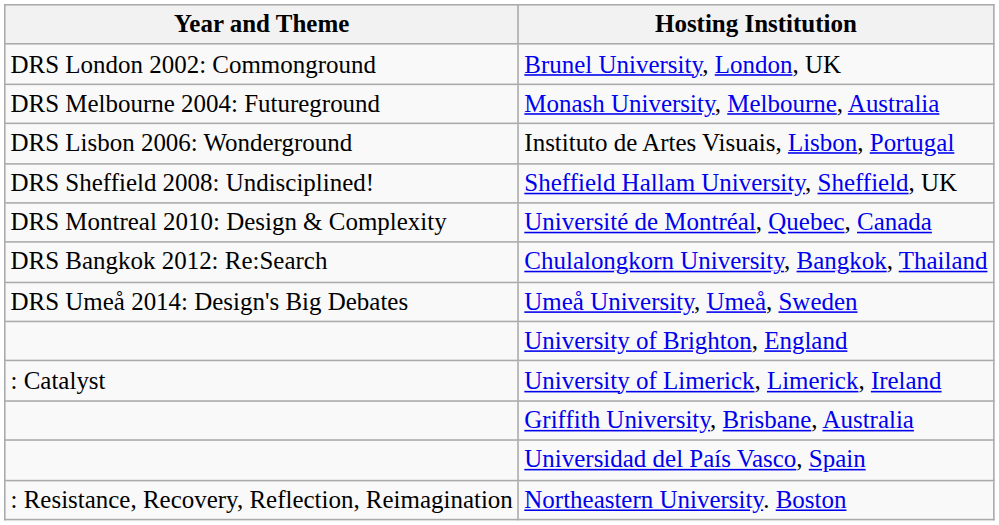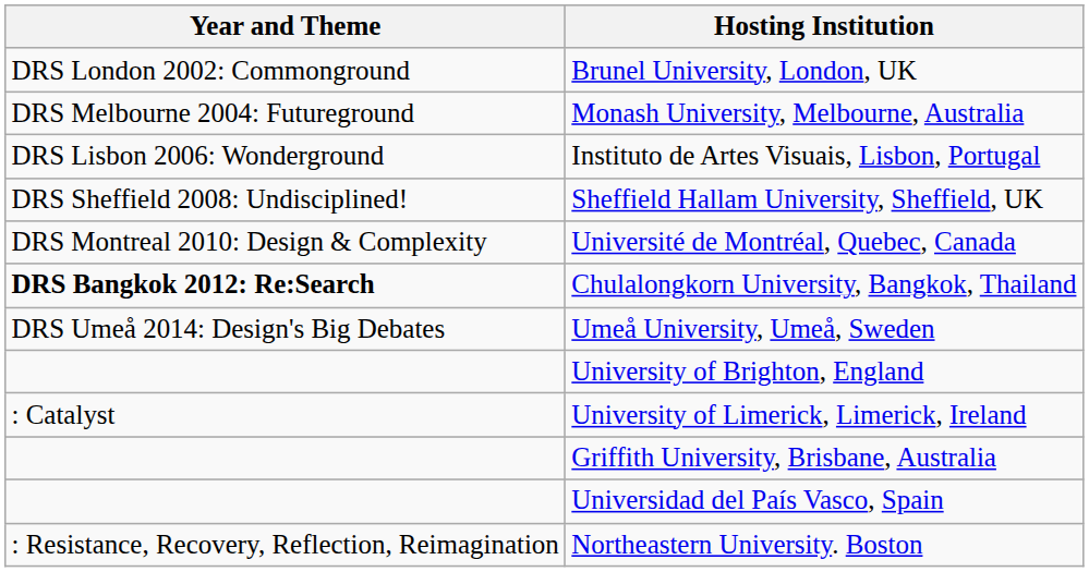 <table class="wikitable">
 <tr>
 <th>Year and Theme</th>
 <th>Hosting Institution</th>
 </tr>
 <tr>
 <td>DRS London 2002: Commonground</td>
 <td><a href='#'>Brunel University</a>, <a href='#'>London</a>, UK</td>
 </tr>
 <tr>
 <td>DRS Melbourne 2004: Futureground</td>
 <td><a href='#'>Monash University</a>, <a href='#'>Melbourne</a>, <a href='#'>Australia</a></td>
 </tr>
 <tr>
 <td>DRS Lisbon 2006: Wonderground</td>
 <td>Instituto de Artes Visuais, <a href='#'>Lisbon</a>, <a href='#'>Portugal</a></td>
 </tr>
 <tr>
 <td>DRS Sheffield 2008: Undisciplined!</td>
 <td><a href='#'>Sheffield Hallam University</a>, <a href='#'>Sheffield</a>, UK</td>
 </tr>
 <tr>
 <td>DRS Montreal 2010: Design & Complexity</td>
 <td><a href='#'>Université de Montréal</a>, <a href='#'>Quebec</a>, <a href='#'>Canada</a></td>
 </tr>
 <tr>
-<td>DRS Bangkok 2012: Re:Search</td>
+<td><strong>DRS Bangkok 2012: Re:Search</strong></td>
 <td><a href='#'>Chulalongkorn University</a>, <a href='#'>Bangkok</a>, <a href='#'>Thailand</a></td>
 </tr>
 <tr>
 <td>DRS Umeå 2014: Design's Big Debates</td>
 <td><a href='#'>Umeå University</a>, <a href='#'>Umeå</a>, <a href='#'>Sweden</a></td>
 </tr>
 <tr>
 <td></td>
 <td><a href='#'>University of Brighton</a>, <a href='#'>England</a></td>
 </tr>
 <tr>
 <td>: Catalyst</td>
 <td><a href='#'>University of Limerick</a>, <a href='#'>Limerick</a>, <a href='#'>Ireland</a></td>
 </tr>
 <tr>
 <td></td>
 <td><a href='#'>Griffith University</a>, <a href='#'>Brisbane</a>, <a href='#'>Australia</a></td>
 </tr>
 <tr>
 <td></td>
 <td><a href='#'>Universidad del País Vasco</a>, <a href='#'>Spain</a></td>
 </tr>
 <tr>
 <td>: Resistance, Recovery, Reflection, Reimagination</td>
 <td><a href='#'>Northeastern University</a>. <a href='#'>Boston</a></td>
 </tr>
 </table>
